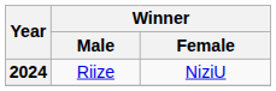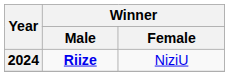 <table class="wikitable plainrowheaders" style="text-align:center">
 <tr>
 <th scope="col" rowspan="2">Year</th>
 <th scope="col" width="200" colspan="2">Winner</th>
 </tr>
 <tr>
 <th>Male</th>
 <th>Female</th>
 </tr>
 <tr>
 <th scope="row">2024</th>
-<td><a href='#'>Riize</a></td>
+<td><strong><a href='#'>Riize</a></strong></td>
 <td><a href='#'>NiziU</a></td>
 </tr>
 <tr>
 </tr>
 </table>
